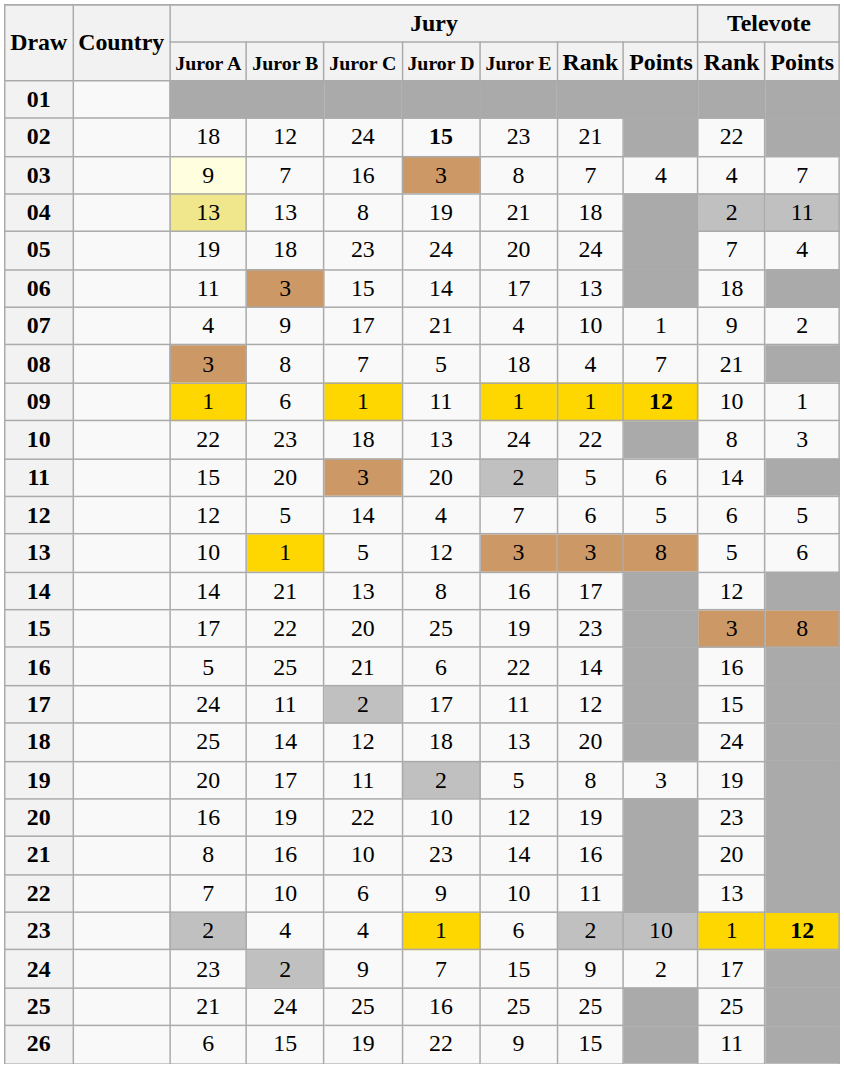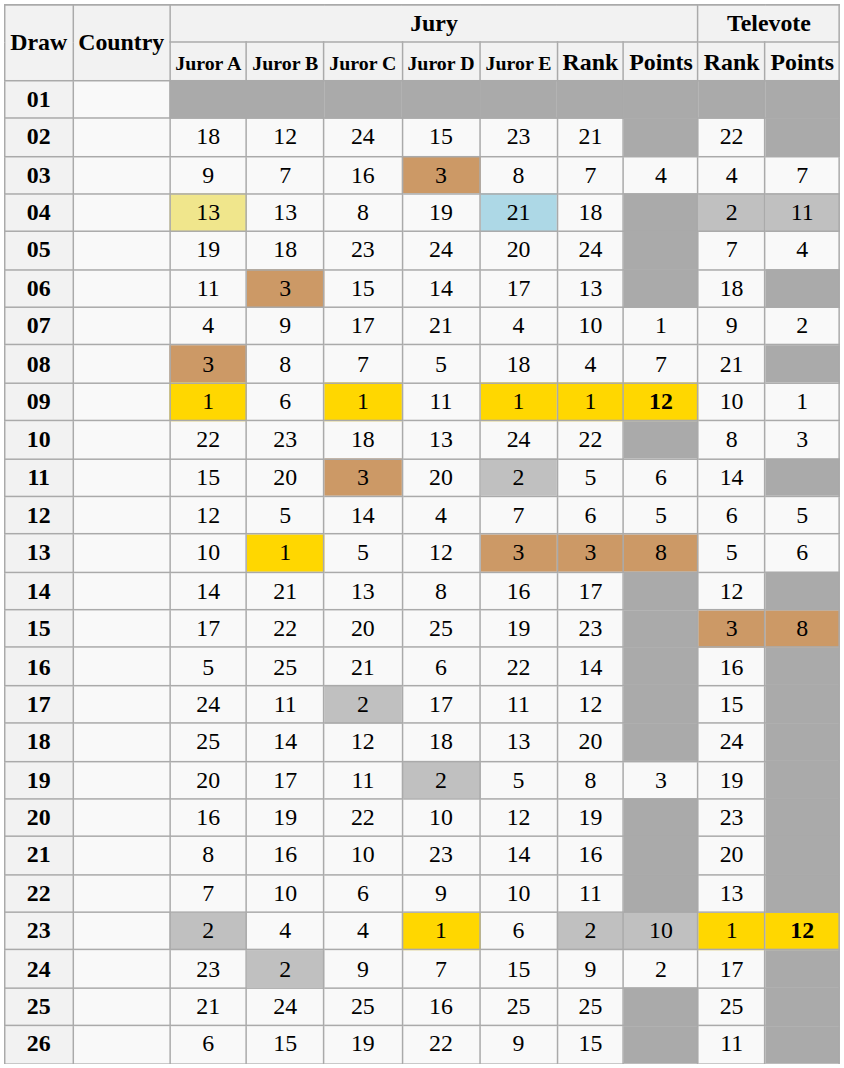 <table class="sortable wikitable collapsible plainrowheaders" style="text-align:center;">
 <tr>
 </tr>
 <tr>
 <th scope="col" rowspan="2">Draw</th>
 <th scope="col" rowspan="2">Country</th>
 <th scope="col" colspan="7">Jury</th>
 <th scope="col" colspan="2">Televote</th>
 </tr>
 <tr>
 <th scope="col"><small>Juror A</small></th>
 <th scope="col"><small>Juror B</small></th>
 <th scope="col"><small>Juror C</small></th>
 <th scope="col"><small>Juror D</small></th>
 <th scope="col"><small>Juror E</small></th>
 <th scope="col">Rank</th>
 <th scope="col" class="unsortable">Points</th>
 <th scope="col">Rank</th>
 <th scope="col" class="unsortable">Points</th>
 </tr>
 <tr class=sortbottom>
 <th scope="row" style="text-align:center;">01</th>
 <td style="text-align:left;"></td>
 <td style="background:#AAAAAA;"></td>
 <td style="background:#AAAAAA;"></td>
 <td style="background:#AAAAAA;"></td>
 <td style="background:#AAAAAA;"></td>
 <td style="background:#AAAAAA;"></td>
 <td style="background:#AAAAAA;"></td>
 <td style="background:#AAAAAA;"></td>
 <td style="background:#AAAAAA;"></td>
 <td style="background:#AAAAAA;"></td>
 </tr>
 <tr>
 <th scope="row" style="text-align:center;">02</th>
 <td style="text-align:left;"></td>
 <td>18</td>
 <td>12</td>
 <td>24</td>
-<td><strong>15</strong></td>
+<td>15</td>
 <td>23</td>
 <td>21</td>
 <td style="background:#AAAAAA;"></td>
 <td>22</td>
 <td style="background:#AAAAAA;"></td>
 </tr>
 <tr>
 <th scope="row" style="text-align:center;">03</th>
 <td style="text-align:left;"></td>
-<td style="background: lightyellow;">9</td>
+<td>9</td>
 <td>7</td>
 <td>16</td>
 <td style="background:#CC9966;">3</td>
 <td>8</td>
 <td>7</td>
 <td>4</td>
 <td>4</td>
 <td>7</td>
 </tr>
 <tr>
 <th scope="row" style="text-align:center;">04</th>
 <td style="text-align:left;"></td>
 <td style="background: khaki;">13</td>
 <td>13</td>
 <td>8</td>
 <td>19</td>
-<td>21</td>
+<td style="background: lightblue;">21</td>
 <td>18</td>
 <td style="background:#AAAAAA;"></td>
 <td style="background:silver;">2</td>
 <td style="background:silver;">11</td>
 </tr>
 <tr>
 <th scope="row" style="text-align:center;">05</th>
 <td style="text-align:left;"></td>
 <td>19</td>
 <td>18</td>
 <td>23</td>
 <td>24</td>
 <td>20</td>
 <td>24</td>
 <td style="background:#AAAAAA;"></td>
 <td>7</td>
 <td>4</td>
 </tr>
 <tr>
 <th scope="row" style="text-align:center;">06</th>
 <td style="text-align:left;"></td>
 <td>11</td>
 <td style="background:#CC9966;">3</td>
 <td>15</td>
 <td>14</td>
 <td>17</td>
 <td>13</td>
 <td style="background:#AAAAAA;"></td>
 <td>18</td>
 <td style="background:#AAAAAA;"></td>
 </tr>
 <tr>
 <th scope="row" style="text-align:center;">07</th>
 <td style="text-align:left;"></td>
 <td>4</td>
 <td>9</td>
 <td>17</td>
 <td>21</td>
 <td>4</td>
 <td>10</td>
 <td>1</td>
 <td>9</td>
 <td>2</td>
 </tr>
 <tr>
 <th scope="row" style="text-align:center;">08</th>
 <td style="text-align:left;"></td>
 <td style="background:#CC9966;">3</td>
 <td>8</td>
 <td>7</td>
 <td>5</td>
 <td>18</td>
 <td>4</td>
 <td>7</td>
 <td>21</td>
 <td style="background:#AAAAAA;"></td>
 </tr>
 <tr>
 <th scope="row" style="text-align:center;">09</th>
 <td style="text-align:left;"></td>
 <td style="background:gold;">1</td>
 <td>6</td>
 <td style="background:gold;">1</td>
 <td>11</td>
 <td style="background:gold;">1</td>
 <td style="background:gold;">1</td>
 <td style="background:gold;"><strong>12</strong></td>
 <td>10</td>
 <td>1</td>
 </tr>
 <tr>
 <th scope="row" style="text-align:center;">10</th>
 <td style="text-align:left;"></td>
 <td>22</td>
 <td>23</td>
 <td>18</td>
 <td>13</td>
 <td>24</td>
 <td>22</td>
 <td style="background:#AAAAAA;"></td>
 <td>8</td>
 <td>3</td>
 </tr>
 <tr>
 <th scope="row" style="text-align:center;">11</th>
 <td style="text-align:left;"></td>
 <td>15</td>
 <td>20</td>
 <td style="background:#CC9966;">3</td>
 <td>20</td>
 <td style="background:silver;">2</td>
 <td>5</td>
 <td>6</td>
 <td>14</td>
 <td style="background:#AAAAAA;"></td>
 </tr>
 <tr>
 <th scope="row" style="text-align:center;">12</th>
 <td style="text-align:left;"></td>
 <td>12</td>
 <td>5</td>
 <td>14</td>
 <td>4</td>
 <td>7</td>
 <td>6</td>
 <td>5</td>
 <td>6</td>
 <td>5</td>
 </tr>
 <tr>
 <th scope="row" style="text-align:center;">13</th>
 <td style="text-align:left;"></td>
 <td>10</td>
 <td style="background:gold;">1</td>
 <td>5</td>
 <td>12</td>
 <td style="background:#CC9966;">3</td>
 <td style="background:#CC9966;">3</td>
 <td style="background:#CC9966;">8</td>
 <td>5</td>
 <td>6</td>
 </tr>
 <tr>
 <th scope="row" style="text-align:center;">14</th>
 <td style="text-align:left;"></td>
 <td>14</td>
 <td>21</td>
 <td>13</td>
 <td>8</td>
 <td>16</td>
 <td>17</td>
 <td style="background:#AAAAAA;"></td>
 <td>12</td>
 <td style="background:#AAAAAA;"></td>
 </tr>
 <tr>
 <th scope="row" style="text-align:center;">15</th>
 <td style="text-align:left;"></td>
 <td>17</td>
 <td>22</td>
 <td>20</td>
 <td>25</td>
 <td>19</td>
 <td>23</td>
 <td style="background:#AAAAAA;"></td>
 <td style="background:#CC9966;">3</td>
 <td style="background:#CC9966;">8</td>
 </tr>
 <tr>
 <th scope="row" style="text-align:center;">16</th>
 <td style="text-align:left;"></td>
 <td>5</td>
 <td>25</td>
 <td>21</td>
 <td>6</td>
 <td>22</td>
 <td>14</td>
 <td style="background:#AAAAAA;"></td>
 <td>16</td>
 <td style="background:#AAAAAA;"></td>
 </tr>
 <tr>
 <th scope="row" style="text-align:center;">17</th>
 <td style="text-align:left;"></td>
 <td>24</td>
 <td>11</td>
 <td style="background:silver;">2</td>
 <td>17</td>
 <td>11</td>
 <td>12</td>
 <td style="background:#AAAAAA;"></td>
 <td>15</td>
 <td style="background:#AAAAAA;"></td>
 </tr>
 <tr>
 <th scope="row" style="text-align:center;">18</th>
 <td style="text-align:left;"></td>
 <td>25</td>
 <td>14</td>
 <td>12</td>
 <td>18</td>
 <td>13</td>
 <td>20</td>
 <td style="background:#AAAAAA;"></td>
 <td>24</td>
 <td style="background:#AAAAAA;"></td>
 </tr>
 <tr>
 <th scope="row" style="text-align:center;">19</th>
 <td style="text-align:left;"></td>
 <td>20</td>
 <td>17</td>
 <td>11</td>
 <td style="background:silver;">2</td>
 <td>5</td>
 <td>8</td>
 <td>3</td>
 <td>19</td>
 <td style="background:#AAAAAA;"></td>
 </tr>
 <tr>
 <th scope="row" style="text-align:center;">20</th>
 <td style="text-align:left;"></td>
 <td>16</td>
 <td>19</td>
 <td>22</td>
 <td>10</td>
 <td>12</td>
 <td>19</td>
 <td style="background:#AAAAAA;"></td>
 <td>23</td>
 <td style="background:#AAAAAA;"></td>
 </tr>
 <tr>
 <th scope="row" style="text-align:center;">21</th>
 <td style="text-align:left;"></td>
 <td>8</td>
 <td>16</td>
 <td>10</td>
 <td>23</td>
 <td>14</td>
 <td>16</td>
 <td style="background:#AAAAAA;"></td>
 <td>20</td>
 <td style="background:#AAAAAA;"></td>
 </tr>
 <tr>
 <th scope="row" style="text-align:center;">22</th>
 <td style="text-align:left;"></td>
 <td>7</td>
 <td>10</td>
 <td>6</td>
 <td>9</td>
 <td>10</td>
 <td>11</td>
 <td style="background:#AAAAAA;"></td>
 <td>13</td>
 <td style="background:#AAAAAA;"></td>
 </tr>
 <tr>
 <th scope="row" style="text-align:center;">23</th>
 <td style="text-align:left;"></td>
 <td style="background:silver;">2</td>
 <td>4</td>
 <td>4</td>
 <td style="background:gold;">1</td>
 <td>6</td>
 <td style="background:silver;">2</td>
 <td style="background:silver;">10</td>
 <td style="background:gold;">1</td>
 <td style="background:gold;"><strong>12</strong></td>
 </tr>
 <tr>
 <th scope="row" style="text-align:center;">24</th>
 <td style="text-align:left;"></td>
 <td>23</td>
 <td style="background:silver;">2</td>
 <td>9</td>
 <td>7</td>
 <td>15</td>
 <td>9</td>
 <td>2</td>
 <td>17</td>
 <td style="background:#AAAAAA;"></td>
 </tr>
 <tr>
 <th scope="row" style="text-align:center;">25</th>
 <td style="text-align:left;"></td>
 <td>21</td>
 <td>24</td>
 <td>25</td>
 <td>16</td>
 <td>25</td>
 <td>25</td>
 <td style="background:#AAAAAA;"></td>
 <td>25</td>
 <td style="background:#AAAAAA;"></td>
 </tr>
 <tr>
 <th scope="row" style="text-align:center;">26</th>
 <td style="text-align:left;"></td>
 <td>6</td>
 <td>15</td>
 <td>19</td>
 <td>22</td>
 <td>9</td>
 <td>15</td>
 <td style="background:#AAAAAA;"></td>
 <td>11</td>
 <td style="background:#AAAAAA;"></td>
 </tr>
 </table>
